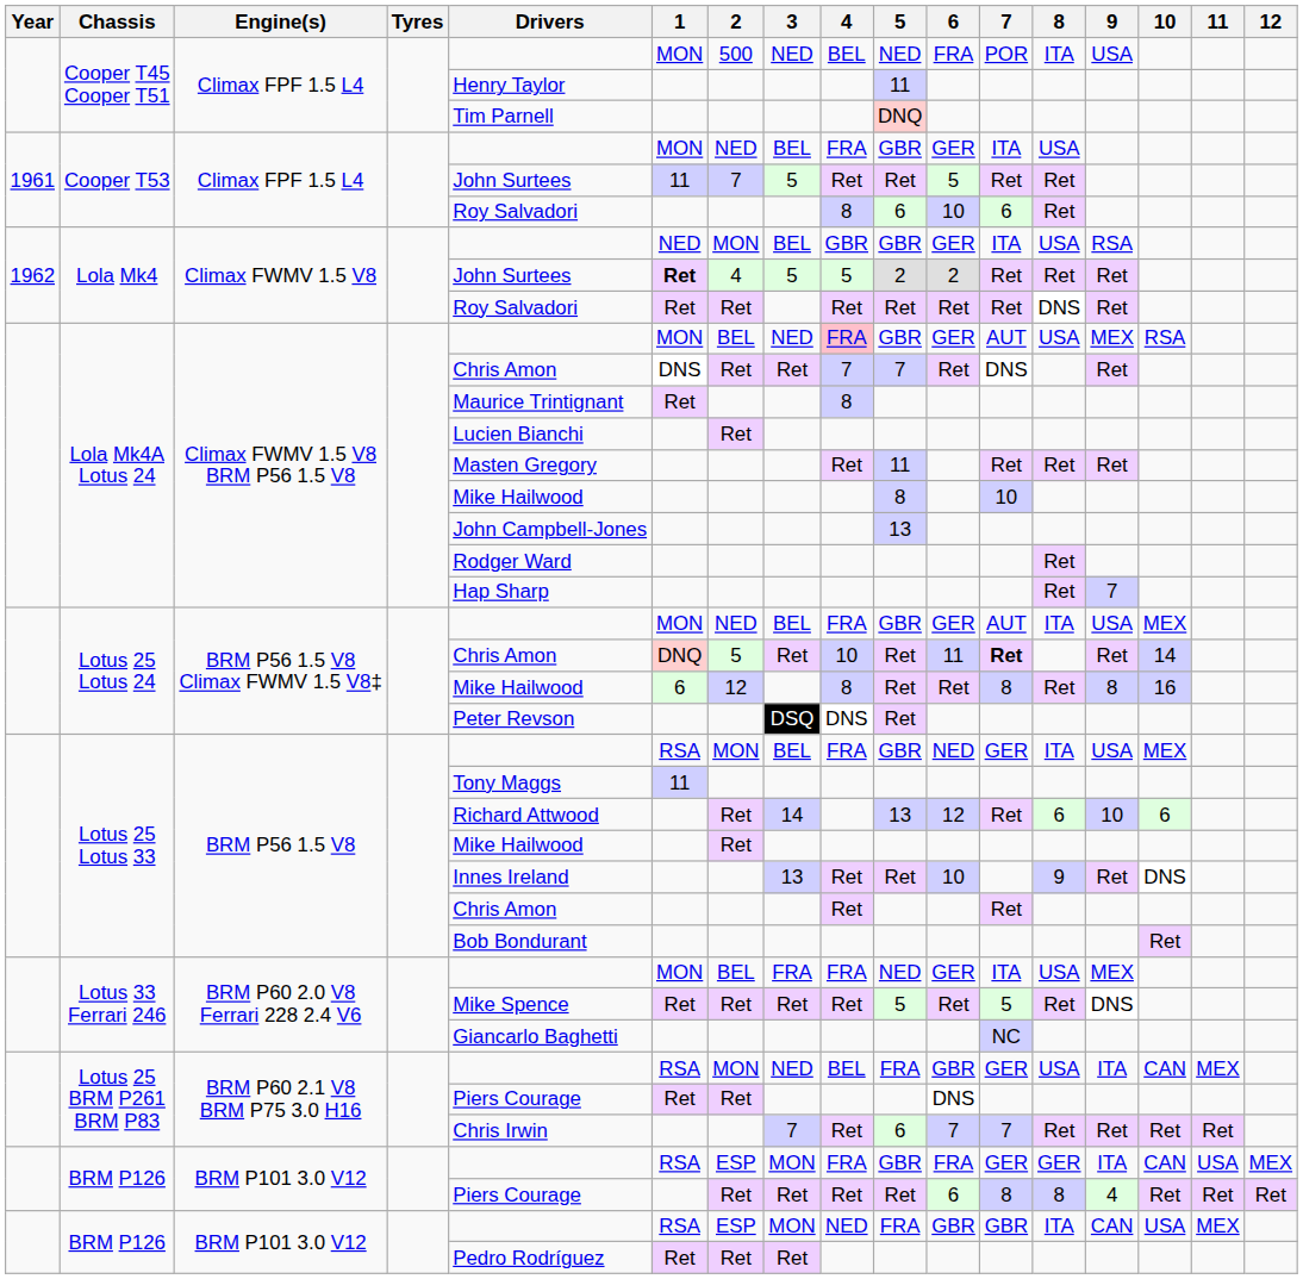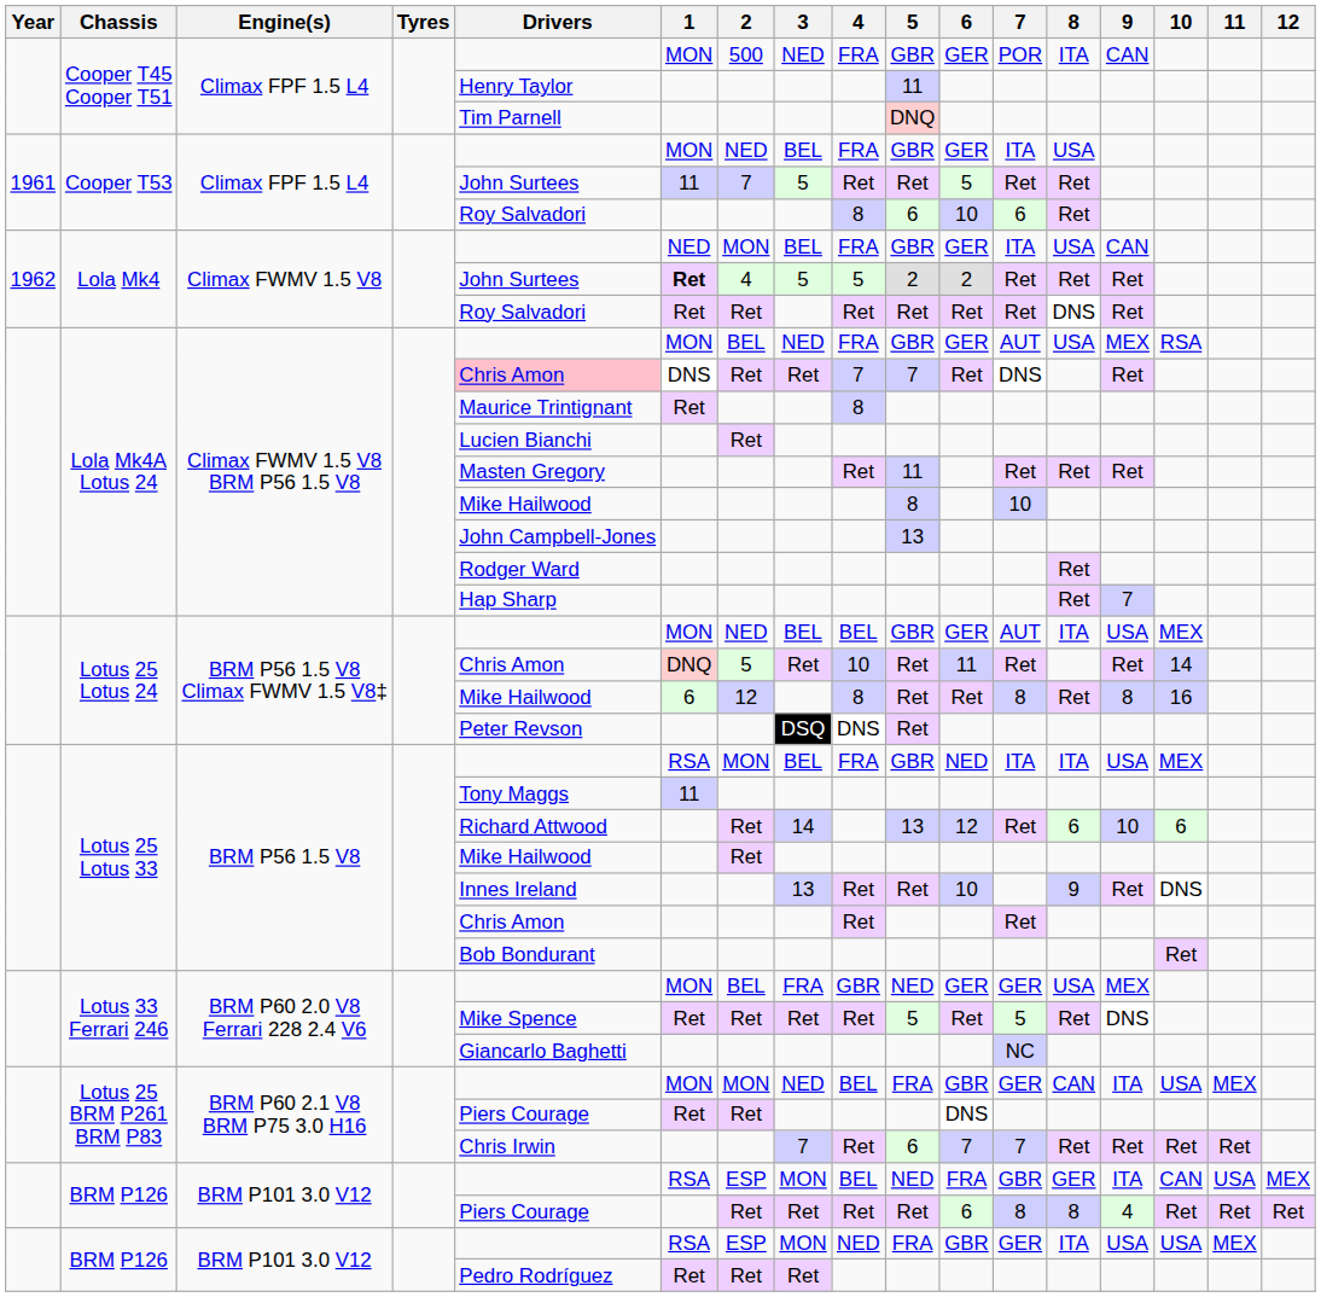 <table class="wikitable" style="text-align:center; font-size:90%">
 <tr>
 <th>Year</th>
 <th>Chassis</th>
 <th>Engine(s)</th>
 <th>Tyres</th>
 <th>Drivers</th>
 <th>1</th>
 <th>2</th>
 <th>3</th>
 <th>4</th>
 <th>5</th>
 <th>6</th>
 <th>7</th>
 <th>8</th>
 <th>9</th>
 <th>10</th>
 <th>11</th>
 <th>12</th>
 </tr>
 <tr>
 <td rowspan=3></td>
 <td rowspan=3><a href='#'>Cooper</a> <a href='#'>T45</a><br><a href='#'>Cooper</a> <a href='#'>T51</a></td>
 <td rowspan=3><a href='#'>Climax</a> FPF 1.5 <a href='#'>L4</a></td>
 <td rowspan=3></td>
 <td></td>
 <td><a href='#'>MON</a></td>
 <td><a href='#'>500</a></td>
 <td><a href='#'>NED</a></td>
-<td><a href='#'>BEL</a></td>
-<td><a href='#'>NED</a></td>
 <td><a href='#'>FRA</a></td>
+<td><a href='#'>GBR</a></td>
+<td><a href='#'>GER</a></td>
 <td><a href='#'>POR</a></td>
 <td><a href='#'>ITA</a></td>
-<td><a href='#'>USA</a></td>
+<td><a href='#'>CAN</a></td>
 <td></td>
 <td></td>
 <td></td>
 </tr>
 <tr>
 <td align="left"> <a href='#'>Henry Taylor</a></td>
 <td></td>
 <td></td>
 <td></td>
 <td></td>
 <td style="background:#CFCFFF;">11</td>
 <td></td>
 <td></td>
 <td></td>
 <td></td>
 <td></td>
 <td></td>
 <td></td>
 </tr>
 <tr>
 <td align="left"> <a href='#'>Tim Parnell</a></td>
 <td></td>
 <td></td>
 <td></td>
 <td></td>
 <td style="background:#FFCFCF;">DNQ</td>
 <td></td>
 <td></td>
 <td></td>
 <td></td>
 <td></td>
 <td></td>
 <td></td>
 </tr>
 <tr>
 <td rowspan=3><a href='#'>1961</a></td>
 <td rowspan=3><a href='#'>Cooper</a> <a href='#'>T53</a></td>
 <td rowspan=3><a href='#'>Climax</a> FPF 1.5 <a href='#'>L4</a></td>
 <td rowspan=3></td>
 <td></td>
 <td><a href='#'>MON</a></td>
 <td><a href='#'>NED</a></td>
 <td><a href='#'>BEL</a></td>
 <td><a href='#'>FRA</a></td>
 <td><a href='#'>GBR</a></td>
 <td><a href='#'>GER</a></td>
 <td><a href='#'>ITA</a></td>
 <td><a href='#'>USA</a></td>
 <td></td>
 <td></td>
 <td></td>
 <td></td>
 </tr>
 <tr>
 <td align="left"> <a href='#'>John Surtees</a></td>
 <td style="background:#cfcfff;">11</td>
 <td style="background:#cfcfff;">7</td>
 <td style="background:#dfffdf;">5</td>
 <td style="background:#efcfff;">Ret</td>
 <td style="background:#efcfff;">Ret</td>
 <td style="background:#dfffdf;">5</td>
 <td style="background:#efcfff;">Ret</td>
 <td style="background:#efcfff;">Ret</td>
 <td></td>
 <td></td>
 <td></td>
 <td></td>
 </tr>
 <tr>
 <td align="left"> <a href='#'>Roy Salvadori</a></td>
 <td></td>
 <td></td>
 <td></td>
 <td style="background:#cfcfff;">8</td>
 <td style="background:#dfffdf;">6</td>
 <td style="background:#cfcfff;">10</td>
 <td style="background:#dfffdf;">6</td>
 <td style="background:#efcfff;">Ret</td>
 <td></td>
 <td></td>
 <td></td>
 <td></td>
 </tr>
 <tr>
 <td rowspan=3><a href='#'>1962</a></td>
 <td rowspan=3><a href='#'>Lola</a> <a href='#'>Mk4</a></td>
 <td rowspan=3><a href='#'>Climax</a> FWMV 1.5 <a href='#'>V8</a></td>
 <td rowspan=3></td>
 <td></td>
 <td><a href='#'>NED</a></td>
 <td><a href='#'>MON</a></td>
 <td><a href='#'>BEL</a></td>
-<td><a href='#'>GBR</a></td>
+<td><a href='#'>FRA</a></td>
 <td><a href='#'>GBR</a></td>
 <td><a href='#'>GER</a></td>
 <td><a href='#'>ITA</a></td>
 <td><a href='#'>USA</a></td>
-<td><a href='#'>RSA</a></td>
+<td><a href='#'>CAN</a></td>
 <td></td>
 <td></td>
 <td></td>
 </tr>
 <tr>
 <td align="left"> <a href='#'>John Surtees</a></td>
 <td style="background:#efcfff;"><strong>Ret</strong></td>
 <td style="background:#dfffdf;">4</td>
 <td style="background:#dfffdf;">5</td>
 <td style="background:#dfffdf;">5</td>
 <td style="background:#dfdfdf;">2</td>
 <td style="background:#dfdfdf;">2</td>
 <td style="background:#efcfff;">Ret</td>
 <td style="background:#efcfff;">Ret</td>
 <td style="background:#efcfff;">Ret</td>
 <td></td>
 <td></td>
 <td></td>
 </tr>
 <tr>
 <td align="left"> <a href='#'>Roy Salvadori</a></td>
 <td style="background:#efcfff;">Ret</td>
 <td style="background:#efcfff;">Ret</td>
 <td></td>
 <td style="background:#efcfff;">Ret</td>
 <td style="background:#efcfff;">Ret</td>
 <td style="background:#efcfff;">Ret</td>
 <td style="background:#efcfff;">Ret</td>
 <td style="background:#ffffff;">DNS</td>
 <td style="background:#efcfff;">Ret</td>
 <td></td>
 <td></td>
 <td></td>
 </tr>
 <tr>
 <td rowspan=9></td>
 <td rowspan=9><a href='#'>Lola</a> <a href='#'>Mk4A</a><br><a href='#'>Lotus</a> <a href='#'>24</a></td>
 <td rowspan=9><a href='#'>Climax</a> FWMV 1.5 <a href='#'>V8</a><br><a href='#'>BRM</a> P56 1.5 <a href='#'>V8</a></td>
 <td rowspan=9></td>
 <td></td>
 <td><a href='#'>MON</a></td>
 <td><a href='#'>BEL</a></td>
 <td><a href='#'>NED</a></td>
-<td style="background: pink;"><a href='#'>FRA</a></td>
+<td><a href='#'>FRA</a></td>
 <td><a href='#'>GBR</a></td>
 <td><a href='#'>GER</a></td>
 <td><a href='#'>AUT</a></td>
 <td><a href='#'>USA</a></td>
 <td><a href='#'>MEX</a></td>
 <td><a href='#'>RSA</a></td>
 <td></td>
 <td></td>
 </tr>
 <tr>
-<td align="left"> <a href='#'>Chris Amon</a></td>
+<td align="left" style="background: pink;"> <a href='#'>Chris Amon</a></td>
 <td style="background:#ffffff;">DNS</td>
 <td style="background:#EFCFFF;">Ret</td>
 <td style="background:#EFCFFF;">Ret</td>
 <td style="background:#CFCFFF;">7</td>
 <td style="background:#CFCFFF;">7</td>
 <td style="background:#EFCFFF;">Ret</td>
 <td style="background:#ffffff;">DNS</td>
 <td></td>
 <td style="background:#EFCFFF;">Ret</td>
 <td></td>
 <td></td>
 <td></td>
 </tr>
 <tr>
 <td align="left"> <a href='#'>Maurice Trintignant</a></td>
 <td style="background:#EFCFFF;">Ret</td>
 <td></td>
 <td></td>
 <td style="background:#CFCFFF;">8</td>
 <td></td>
 <td></td>
 <td></td>
 <td></td>
 <td></td>
 <td></td>
 <td></td>
 <td></td>
 </tr>
 <tr>
 <td align="left"> <a href='#'>Lucien Bianchi</a></td>
 <td></td>
 <td style="background:#EFCFFF;">Ret</td>
 <td></td>
 <td></td>
 <td></td>
 <td></td>
 <td></td>
 <td></td>
 <td></td>
 <td></td>
 <td></td>
 <td></td>
 </tr>
 <tr>
 <td align="left"> <a href='#'>Masten Gregory</a></td>
 <td></td>
 <td></td>
 <td></td>
 <td style="background:#efcfff;">Ret</td>
 <td style="background:#cfcfff;">11</td>
 <td></td>
 <td style="background:#efcfff;">Ret</td>
 <td style="background:#efcfff;">Ret</td>
 <td style="background:#efcfff;">Ret</td>
 <td></td>
 <td></td>
 <td></td>
 </tr>
 <tr>
 <td align="left"> <a href='#'>Mike Hailwood</a></td>
 <td></td>
 <td></td>
 <td></td>
 <td></td>
 <td style="background:#cfcfff;">8</td>
 <td></td>
 <td style="background:#cfcfff;">10</td>
 <td></td>
 <td></td>
 <td></td>
 <td></td>
 <td></td>
 </tr>
 <tr>
 <td align="left"> <a href='#'>John Campbell-Jones</a></td>
 <td></td>
 <td></td>
 <td></td>
 <td></td>
 <td style="background:#cfcfff;">13</td>
 <td></td>
 <td></td>
 <td></td>
 <td></td>
 <td></td>
 <td></td>
 <td></td>
 </tr>
 <tr>
 <td align="left"> <a href='#'>Rodger Ward</a></td>
 <td></td>
 <td></td>
 <td></td>
 <td></td>
 <td></td>
 <td></td>
 <td></td>
 <td style="background:#efcfff;">Ret</td>
 <td></td>
 <td></td>
 <td></td>
 <td></td>
 </tr>
 <tr>
 <td align="left"> <a href='#'>Hap Sharp</a></td>
 <td></td>
 <td></td>
 <td></td>
 <td></td>
 <td></td>
 <td></td>
 <td></td>
 <td style="background:#efcfff;">Ret</td>
 <td style="background:#cfcfff;">7</td>
 <td></td>
 <td></td>
 <td></td>
 </tr>
 <tr>
 <td rowspan=4></td>
 <td rowspan=4><a href='#'>Lotus</a> <a href='#'>25</a><br><a href='#'>Lotus</a> <a href='#'>24</a></td>
 <td rowspan=4><a href='#'>BRM</a> P56 1.5 <a href='#'>V8</a><br><a href='#'>Climax</a> FWMV 1.5 <a href='#'>V8</a>‡</td>
 <td rowspan=4></td>
 <td></td>
 <td><a href='#'>MON</a></td>
 <td><a href='#'>NED</a></td>
 <td><a href='#'>BEL</a></td>
-<td><a href='#'>FRA</a></td>
+<td><a href='#'>BEL</a></td>
 <td><a href='#'>GBR</a></td>
 <td><a href='#'>GER</a></td>
 <td><a href='#'>AUT</a></td>
 <td><a href='#'>ITA</a></td>
 <td><a href='#'>USA</a></td>
 <td><a href='#'>MEX</a></td>
 <td></td>
 <td></td>
 </tr>
 <tr>
 <td align="left"> <a href='#'>Chris Amon</a></td>
 <td style="background:#FFCFCF;">DNQ</td>
 <td style="background:#DFFFDF;">5</td>
 <td style="background:#efcfff;">Ret</td>
 <td style="background:#cfcfff;">10</td>
 <td style="background:#efcfff;">Ret</td>
 <td style="background:#cfcfff;">11</td>
-<td style="background:#efcfff;"><strong>Ret</strong></td>
+<td style="background:#efcfff;">Ret</td>
 <td></td>
 <td style="background:#efcfff;">Ret</td>
 <td style="background:#cfcfff;">14</td>
 <td></td>
 <td></td>
 </tr>
 <tr>
 <td align="left"> <a href='#'>Mike Hailwood</a></td>
 <td style="background:#DFFFDF;">6</td>
 <td style="background:#cfcfff;">12</td>
 <td></td>
 <td style="background:#cfcfff;">8</td>
 <td style="background:#efcfff;">Ret</td>
 <td style="background:#efcfff;">Ret</td>
 <td style="background:#cfcfff;">8</td>
 <td style="background:#efcfff;">Ret</td>
 <td style="background:#cfcfff;">8</td>
 <td style="background:#cfcfff;">16</td>
 <td></td>
 <td></td>
 </tr>
 <tr>
 <td align="left"> <a href='#'>Peter Revson</a></td>
 <td></td>
 <td></td>
 <td style="background:#000000; color:#ffffff">DSQ</td>
 <td style="background:#ffffff;">DNS</td>
 <td style="background:#efcfff;">Ret</td>
 <td></td>
 <td></td>
 <td></td>
 <td></td>
 <td></td>
 <td></td>
 <td></td>
 </tr>
 <tr>
 <td rowspan=7></td>
 <td rowspan=7><a href='#'>Lotus</a> <a href='#'>25</a><br><a href='#'>Lotus</a> <a href='#'>33</a></td>
 <td rowspan=7><a href='#'>BRM</a> P56 1.5 <a href='#'>V8</a></td>
 <td rowspan=7></td>
 <td></td>
 <td><a href='#'>RSA</a></td>
 <td><a href='#'>MON</a></td>
 <td><a href='#'>BEL</a></td>
 <td><a href='#'>FRA</a></td>
 <td><a href='#'>GBR</a></td>
 <td><a href='#'>NED</a></td>
-<td><a href='#'>GER</a></td>
+<td><a href='#'>ITA</a></td>
 <td><a href='#'>ITA</a></td>
 <td><a href='#'>USA</a></td>
 <td><a href='#'>MEX</a></td>
 <td></td>
 <td></td>
 </tr>
 <tr>
 <td align="left"> <a href='#'>Tony Maggs</a></td>
 <td style="background:#CFCFFF;">11</td>
 <td></td>
 <td></td>
 <td></td>
 <td></td>
 <td></td>
 <td></td>
 <td></td>
 <td></td>
 <td></td>
 <td></td>
 <td></td>
 </tr>
 <tr>
 <td align="left"> <a href='#'>Richard Attwood</a></td>
 <td></td>
 <td style="background:#efcfff;">Ret</td>
 <td style="background:#cfcfff;">14</td>
 <td></td>
 <td style="background:#cfcfff;">13</td>
 <td style="background:#cfcfff;">12</td>
 <td style="background:#efcfff;">Ret</td>
 <td style="background:#dfffdf;">6</td>
 <td style="background:#cfcfff;">10</td>
 <td style="background:#dfffdf;">6</td>
 <td></td>
 <td></td>
 </tr>
 <tr>
 <td align="left"> <a href='#'>Mike Hailwood</a></td>
 <td></td>
 <td style="background:#efcfff;">Ret</td>
 <td></td>
 <td></td>
 <td></td>
 <td></td>
 <td></td>
 <td></td>
 <td></td>
 <td></td>
 <td></td>
 <td></td>
 </tr>
 <tr>
 <td align="left"> <a href='#'>Innes Ireland</a></td>
 <td></td>
 <td></td>
 <td style="background:#cfcfff;">13</td>
 <td style="background:#efcfff;">Ret</td>
 <td style="background:#efcfff;">Ret</td>
 <td style="background:#cfcfff;">10</td>
 <td></td>
 <td style="background:#cfcfff;">9</td>
 <td style="background:#efcfff;">Ret</td>
 <td style="background:#FFFFFF;">DNS</td>
 <td></td>
 <td></td>
 </tr>
 <tr>
 <td align="left"> <a href='#'>Chris Amon</a></td>
 <td></td>
 <td></td>
 <td></td>
 <td style="background:#efcfff;">Ret</td>
 <td></td>
 <td></td>
 <td style="background:#efcfff;">Ret</td>
 <td></td>
 <td></td>
 <td></td>
 <td></td>
 <td></td>
 </tr>
 <tr>
 <td align="left"> <a href='#'>Bob Bondurant</a></td>
 <td></td>
 <td></td>
 <td></td>
 <td></td>
 <td></td>
 <td></td>
 <td></td>
 <td></td>
 <td></td>
 <td style="background:#efcfff;">Ret</td>
 <td></td>
 <td></td>
 </tr>
 <tr>
 <td rowspan=3></td>
 <td rowspan=3><a href='#'>Lotus</a> <a href='#'>33</a><br><a href='#'>Ferrari</a> <a href='#'>246</a></td>
 <td rowspan=3><a href='#'>BRM</a> P60 2.0 <a href='#'>V8</a><br><a href='#'>Ferrari</a> 228 2.4 <a href='#'>V6</a></td>
 <td rowspan=3></td>
 <td></td>
 <td><a href='#'>MON</a></td>
 <td><a href='#'>BEL</a></td>
 <td><a href='#'>FRA</a></td>
-<td><a href='#'>FRA</a></td>
+<td><a href='#'>GBR</a></td>
 <td><a href='#'>NED</a></td>
 <td><a href='#'>GER</a></td>
-<td><a href='#'>ITA</a></td>
+<td><a href='#'>GER</a></td>
 <td><a href='#'>USA</a></td>
 <td><a href='#'>MEX</a></td>
 <td></td>
 <td></td>
 <td></td>
 </tr>
 <tr>
 <td align="left"> <a href='#'>Mike Spence</a></td>
 <td style="background:#efcfff;">Ret</td>
 <td style="background:#efcfff;">Ret</td>
 <td style="background:#efcfff;">Ret</td>
 <td style="background:#efcfff;">Ret</td>
 <td style="background:#dfffdf;">5</td>
 <td style="background:#efcfff;">Ret</td>
 <td style="background:#dfffdf;">5</td>
 <td style="background:#efcfff;">Ret</td>
 <td style="background:#ffffff;">DNS</td>
 <td></td>
 <td></td>
 <td></td>
 </tr>
 <tr>
 <td align="left"> <a href='#'>Giancarlo Baghetti</a></td>
 <td></td>
 <td></td>
 <td></td>
 <td></td>
 <td></td>
 <td></td>
 <td style="background:#cfcfff;">NC</td>
 <td></td>
 <td></td>
 <td></td>
 <td></td>
 <td></td>
 </tr>
 <tr>
 <td rowspan=3></td>
 <td rowspan=3><a href='#'>Lotus</a> <a href='#'>25</a><br><a href='#'>BRM</a> <a href='#'>P261</a><br><a href='#'>BRM</a> <a href='#'>P83</a></td>
 <td rowspan=3><a href='#'>BRM</a> P60 2.1 <a href='#'>V8</a><br><a href='#'>BRM</a> P75 3.0 <a href='#'>H16</a></td>
 <td rowspan=3></td>
 <td></td>
-<td><a href='#'>RSA</a></td>
+<td><a href='#'>MON</a></td>
 <td><a href='#'>MON</a></td>
 <td><a href='#'>NED</a></td>
 <td><a href='#'>BEL</a></td>
 <td><a href='#'>FRA</a></td>
 <td><a href='#'>GBR</a></td>
 <td><a href='#'>GER</a></td>
+<td><a href='#'>CAN</a></td>
+<td><a href='#'>ITA</a></td>
 <td><a href='#'>USA</a></td>
-<td><a href='#'>ITA</a></td>
-<td><a href='#'>CAN</a></td>
 <td><a href='#'>MEX</a></td>
 <td></td>
 </tr>
 <tr>
 <td align="left"> <a href='#'>Piers Courage</a></td>
 <td style="background:#efcfff;">Ret</td>
 <td style="background:#efcfff;">Ret</td>
 <td></td>
 <td></td>
 <td></td>
 <td style="background:#ffffff;">DNS</td>
 <td></td>
 <td></td>
 <td></td>
 <td></td>
 <td></td>
 <td></td>
 </tr>
 <tr>
 <td align="left"> <a href='#'>Chris Irwin</a></td>
 <td></td>
 <td></td>
 <td style="background:#cfcfff;">7</td>
 <td style="background:#efcfff;">Ret</td>
 <td style="background:#dfffdf;">6</td>
 <td style="background:#cfcfff;">7</td>
 <td style="background:#cfcfff;">7</td>
 <td style="background:#efcfff;">Ret</td>
 <td style="background:#efcfff;">Ret</td>
 <td style="background:#efcfff;">Ret</td>
 <td style="background:#efcfff;">Ret</td>
 <td></td>
 </tr>
 <tr>
 <td rowspan=2></td>
 <td rowspan=2><a href='#'>BRM</a> <a href='#'>P126</a></td>
 <td rowspan=2><a href='#'>BRM</a> P101 3.0 <a href='#'>V12</a></td>
 <td rowspan=2></td>
 <td></td>
 <td><a href='#'>RSA</a></td>
 <td><a href='#'>ESP</a></td>
 <td><a href='#'>MON</a></td>
+<td><a href='#'>BEL</a></td>
+<td><a href='#'>NED</a></td>
 <td><a href='#'>FRA</a></td>
 <td><a href='#'>GBR</a></td>
-<td><a href='#'>FRA</a></td>
-<td><a href='#'>GER</a></td>
 <td><a href='#'>GER</a></td>
 <td><a href='#'>ITA</a></td>
 <td><a href='#'>CAN</a></td>
 <td><a href='#'>USA</a></td>
 <td><a href='#'>MEX</a></td>
 </tr>
 <tr>
 <td align="left"> <a href='#'>Piers Courage</a></td>
 <td></td>
 <td style="background:#efcfff;">Ret</td>
 <td style="background:#efcfff;">Ret</td>
 <td style="background:#efcfff;">Ret</td>
 <td style="background:#efcfff;">Ret</td>
 <td style="background:#dfffdf;">6</td>
 <td style="background:#cfcfff;">8</td>
 <td style="background:#cfcfff;">8</td>
 <td style="background:#dfffdf;">4</td>
 <td style="background:#efcfff;">Ret</td>
 <td style="background:#efcfff;">Ret</td>
 <td style="background:#efcfff;">Ret</td>
 </tr>
 <tr>
 <td rowspan=2></td>
 <td rowspan=2><a href='#'>BRM</a> <a href='#'>P126</a></td>
 <td rowspan=2><a href='#'>BRM</a> P101 3.0 <a href='#'>V12</a></td>
 <td rowspan=2></td>
 <td></td>
 <td><a href='#'>RSA</a></td>
 <td><a href='#'>ESP</a></td>
 <td><a href='#'>MON</a></td>
 <td><a href='#'>NED</a></td>
 <td><a href='#'>FRA</a></td>
 <td><a href='#'>GBR</a></td>
-<td><a href='#'>GBR</a></td>
+<td><a href='#'>GER</a></td>
 <td><a href='#'>ITA</a></td>
-<td><a href='#'>CAN</a></td>
+<td><a href='#'>USA</a></td>
 <td><a href='#'>USA</a></td>
 <td><a href='#'>MEX</a></td>
 <td></td>
 </tr>
 <tr>
 <td align="left"> <a href='#'>Pedro Rodríguez</a></td>
 <td style="background:#EFCFFF;">Ret</td>
 <td style="background:#EFCFFF;">Ret</td>
 <td style="background:#EFCFFF;">Ret</td>
 <td></td>
 <td></td>
 <td></td>
 <td></td>
 <td></td>
 <td></td>
 <td></td>
 <td></td>
 <td></td>
 </tr>
 </table>
